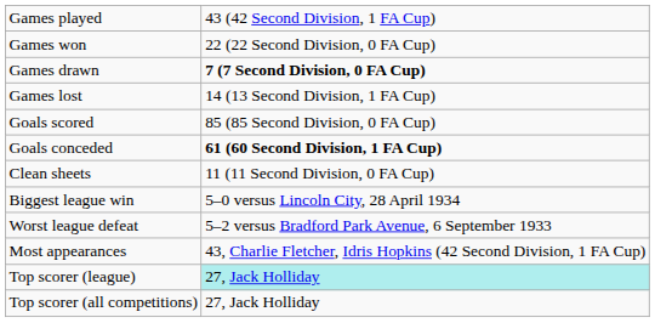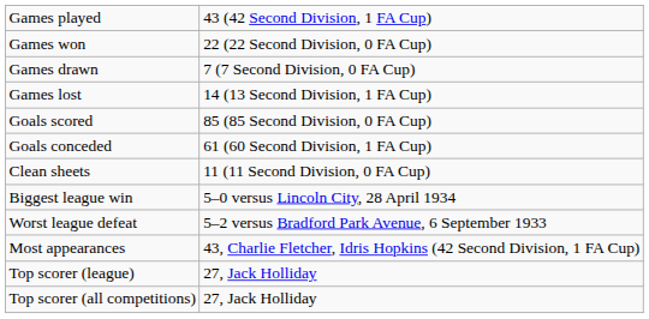 <table class="wikitable">
 <tr>
 <td>Games played</td>
 <td>43 (42 <a href='#'>Second Division</a>, 1 <a href='#'>FA Cup</a>)</td>
 </tr>
 <tr>
 <td>Games won</td>
 <td>22 (22 Second Division, 0 FA Cup)</td>
 </tr>
 <tr>
 <td>Games drawn</td>
-<td><strong>7 (7 Second Division, 0 FA Cup)</strong></td>
+<td>7 (7 Second Division, 0 FA Cup)</td>
 </tr>
 <tr>
 <td>Games lost</td>
 <td>14 (13 Second Division, 1 FA Cup)</td>
 </tr>
 <tr>
 <td>Goals scored</td>
 <td>85 (85 Second Division, 0 FA Cup)</td>
 </tr>
 <tr>
 <td>Goals conceded</td>
-<td><strong>61 (60 Second Division, 1 FA Cup)</strong></td>
+<td>61 (60 Second Division, 1 FA Cup)</td>
 </tr>
 <tr>
 <td>Clean sheets</td>
 <td>11 (11 Second Division, 0 FA Cup)</td>
 </tr>
 <tr>
 <td>Biggest league win</td>
 <td>5–0 versus <a href='#'>Lincoln City</a>, 28 April 1934</td>
 </tr>
 <tr>
 <td>Worst league defeat</td>
 <td>5–2 versus <a href='#'>Bradford Park Avenue</a>, 6 September 1933</td>
 </tr>
 <tr>
 <td>Most appearances</td>
 <td>43, <a href='#'>Charlie Fletcher</a>, <a href='#'>Idris Hopkins</a> (42 Second Division, 1 FA Cup)</td>
 </tr>
 <tr>
 <td>Top scorer (league)</td>
-<td style="background: paleturquoise;">27, <a href='#'>Jack Holliday</a></td>
+<td>27, <a href='#'>Jack Holliday</a></td>
 </tr>
 <tr>
 <td>Top scorer (all competitions)</td>
 <td>27, Jack Holliday</td>
 </tr>
 </table>
